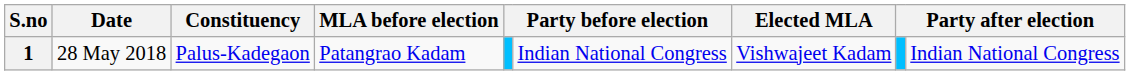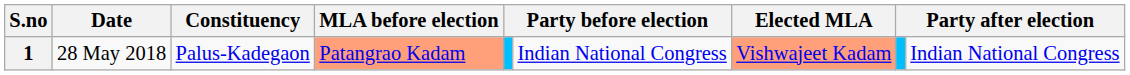 <table class="wikitable sortable">
 <tr>
 <th>S.no</th>
 <th>Date</th>
 <th>Constituency</th>
 <th>MLA before election</th>
 <th colspan="2">Party before election</th>
 <th>Elected MLA</th>
 <th colspan="2">Party after election</th>
 </tr>
 <tr>
 <th>1</th>
 <td>28 May 2018</td>
 <td><a href='#'>Palus-Kadegaon</a></td>
-<td><a href='#'>Patangrao Kadam</a></td>
+<td style="background: lightsalmon;"><a href='#'>Patangrao Kadam</a></td>
 <td bgcolor=#00BFFF></td>
 <td><a href='#'>Indian National Congress</a></td>
-<td><a href='#'>Vishwajeet Kadam</a></td>
+<td style="background: lightsalmon;"><a href='#'>Vishwajeet Kadam</a></td>
 <td bgcolor=#00BFFF></td>
 <td><a href='#'>Indian National Congress</a></td>
 </tr>
 </table>
